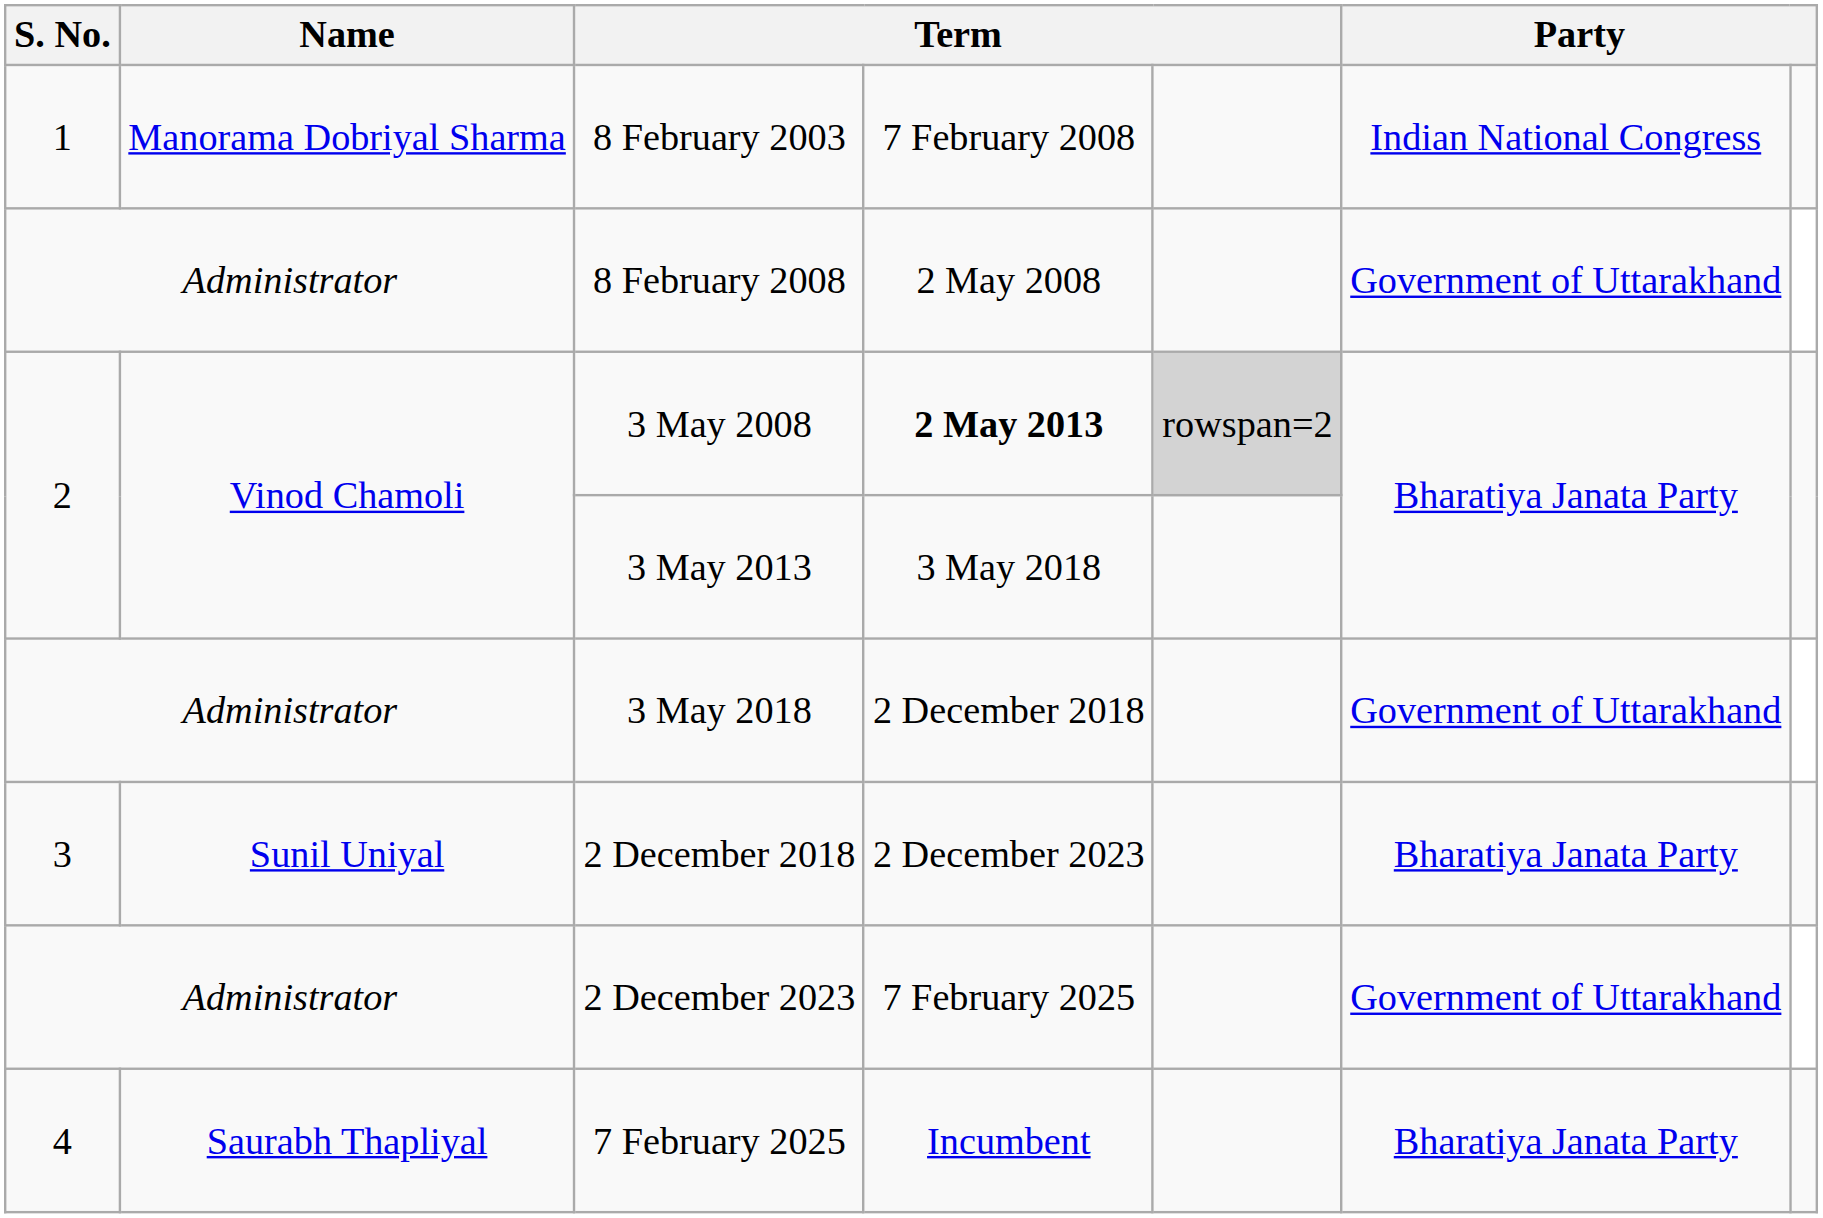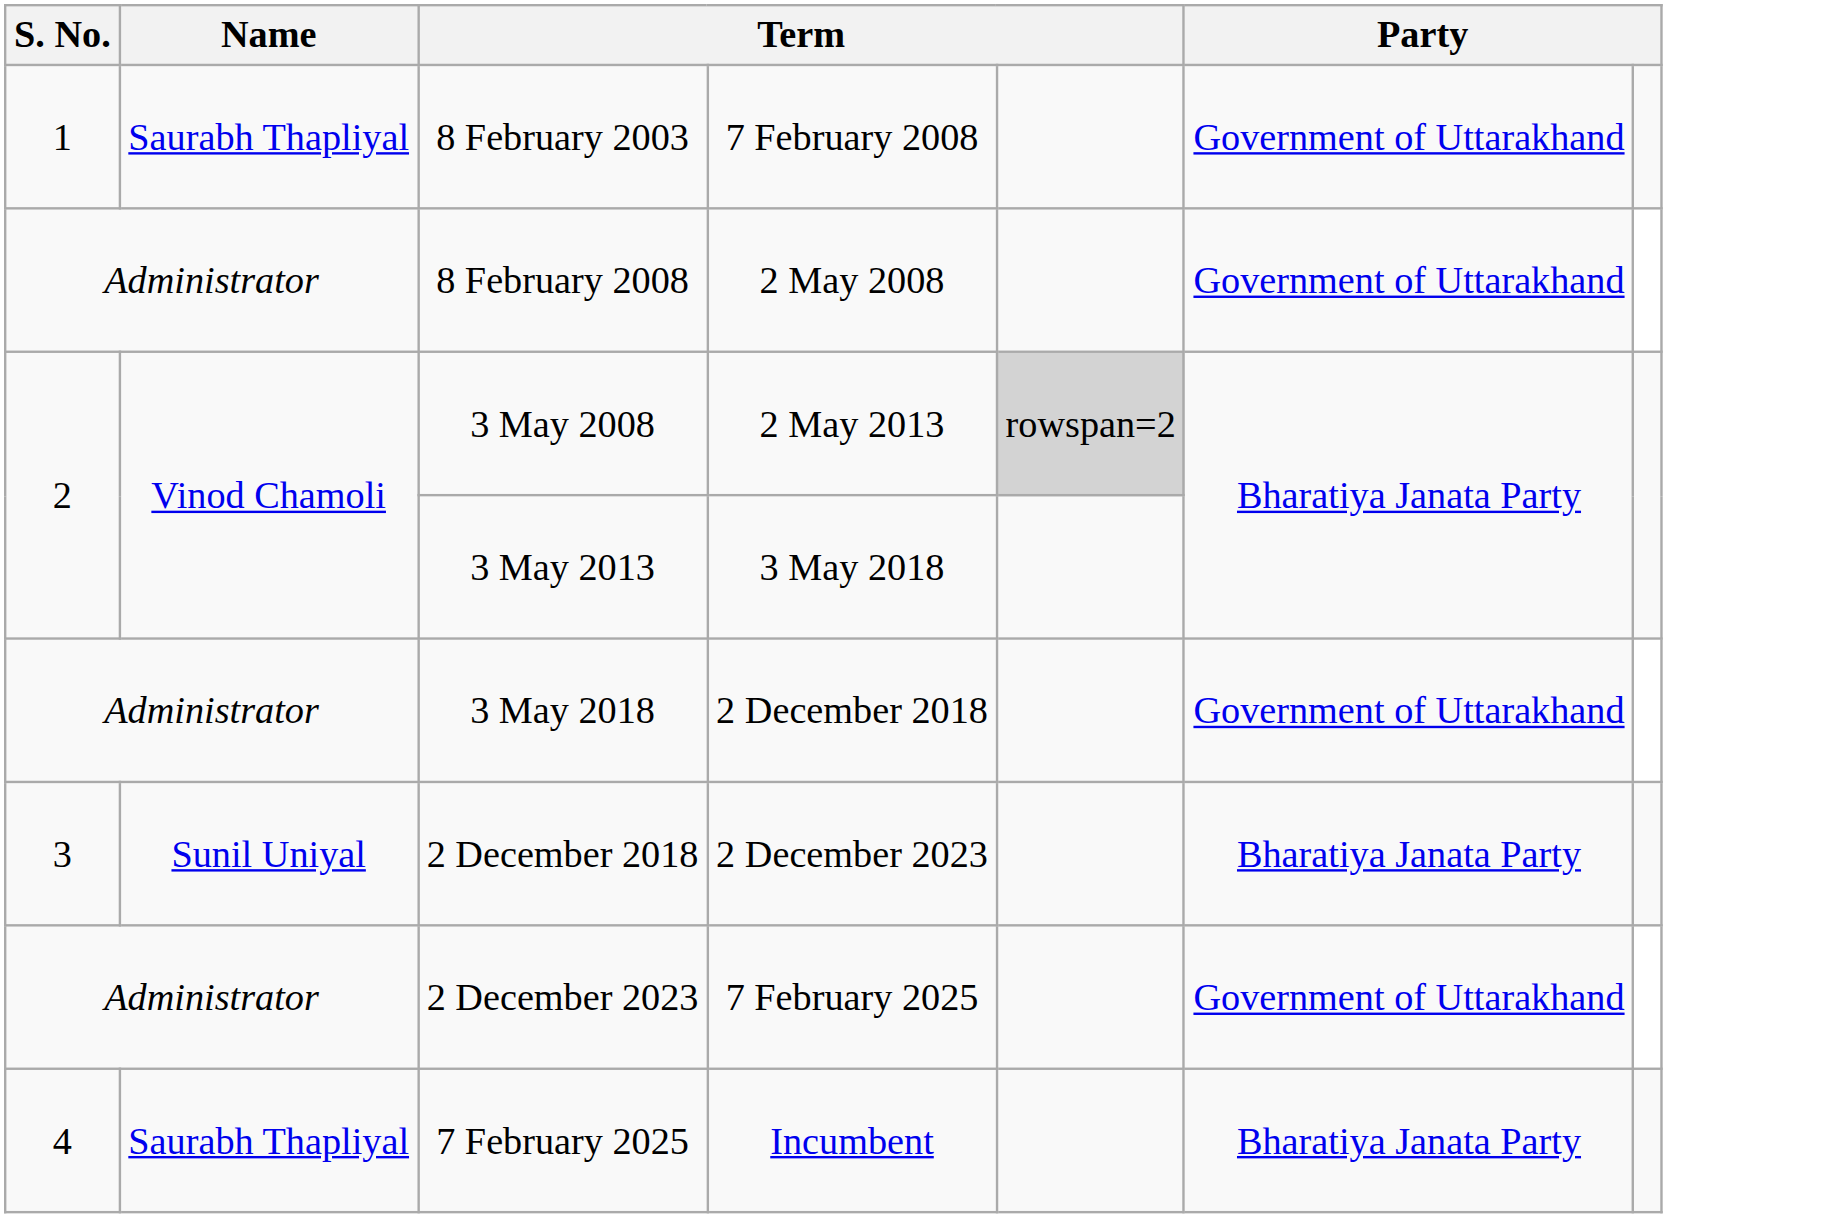 <table class="wikitable sortable">
 <tr>
 <th scope="col">S. No.</th>
 <th colspan=1>Name</th>
 <th colspan=3>Term</th>
 <th colspan=2>Party</th>
 </tr>
 <tr style="text-align:center; height:60px;">
 <td>1</td>
-<td><a href='#'>Manorama Dobriyal Sharma</a></td>
+<td><a href='#'>Saurabh Thapliyal</a></td>
 <td>8 February 2003</td>
 <td>7 February 2008</td>
 <td></td>
-<td><a href='#'>Indian National Congress</a></td>
+<td><a href='#'>Government of Uttarakhand</a></td>
 <td width="4px" style="background-color: "></td>
 </tr>
 <tr style="text-align:center; height:60px;">
 <td colspan=2><em>Administrator</em></td>
 <td>8 February 2008</td>
 <td>2 May 2008</td>
 <td></td>
 <td><a href='#'>Government of Uttarakhand</a></td>
 <td style="background-color: white"></td>
 </tr>
 <tr style="text-align:center; height:60px;">
 <td rowspan=2>2</td>
 <td rowspan=2><a href='#'>Vinod Chamoli</a></td>
 <td>3 May 2008</td>
-<td><strong>2 May 2013</strong></td>
+<td>2 May 2013</td>
 <td style="background: lightgrey;">rowspan=2  </td>
 <td rowspan=2><a href='#'>Bharatiya Janata Party</a></td>
 <td rowspan=2 width="4px" style="background-color: "></td>
 </tr>
 <tr style="text-align:center; height:60px;">
 <td>3 May 2013</td>
 <td>3 May 2018</td>
 </tr>
 <tr style="text-align:center; height:60px;">
 <td colspan=2><em>Administrator</em></td>
 <td>3 May 2018</td>
 <td>2 December 2018</td>
 <td></td>
 <td><a href='#'>Government of Uttarakhand</a></td>
 <td style="background-color: white"></td>
 </tr>
 <tr style="text-align:center; height:60px;">
 <td>3</td>
 <td><a href='#'>Sunil Uniyal</a></td>
 <td>2 December 2018</td>
 <td>2 December 2023</td>
 <td></td>
 <td><a href='#'>Bharatiya Janata Party</a></td>
 <td width="4px" style="background-color: "></td>
 </tr>
 <tr style="text-align:center; height:60px;">
 <td colspan=2><em>Administrator</em></td>
 <td>2 December 2023</td>
 <td>7 February 2025</td>
 <td></td>
 <td><a href='#'>Government of Uttarakhand</a></td>
 <td style="background-color: white"></td>
 </tr>
 <tr style="text-align:center; height:60px;">
 <td>4</td>
 <td><a href='#'>Saurabh Thapliyal</a></td>
 <td>7 February 2025</td>
 <td><a href='#'>Incumbent</a></td>
 <td></td>
 <td><a href='#'>Bharatiya Janata Party</a></td>
 <td width="4px" style="background-color: "></td>
 </tr>
 </table>
